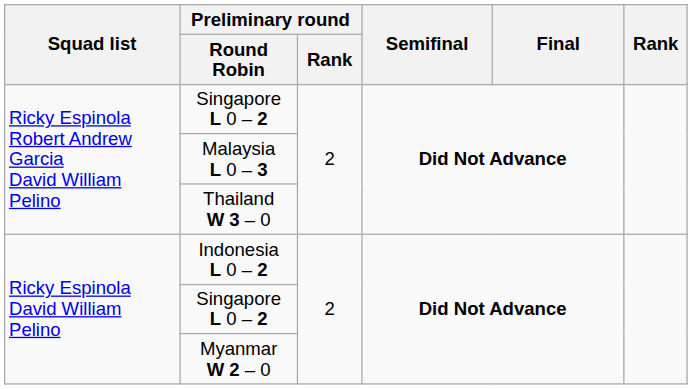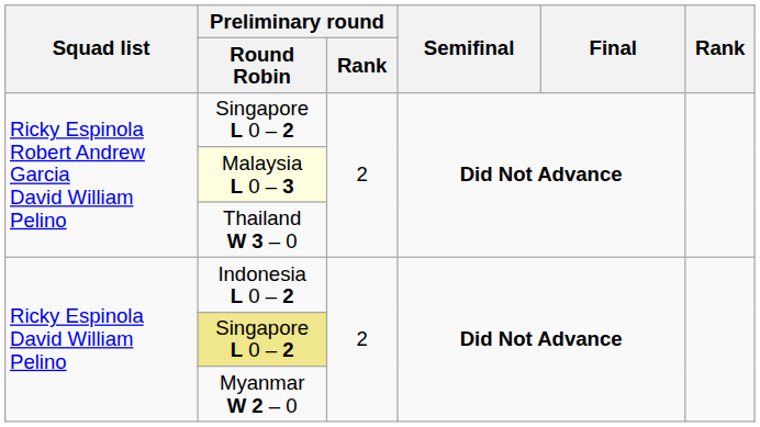 <table class="wikitable" width="85%" style="text-align:center; font-size:90%">
 <tr>
 <th rowspan="2" width="20%">Squad list</th>
 <th colspan="2" width="15%">Preliminary round</th>
 <th rowspan="2" width="15%">Semifinal</th>
 <th rowspan="2" width="15%">Final</th>
 <th rowspan="2" width="5%">Rank</th>
 </tr>
 <tr>
 <th width="13%">Round Robin</th>
 <th width="5%">Rank</th>
 </tr>
 <tr>
 <td rowspan=3 align=left><a href='#'>Ricky Espinola</a><br><a href='#'>Robert Andrew Garcia</a><br><a href='#'>David William Pelino</a></td>
 <td>Singapore<br> <strong>L</strong> 0 – <strong>2</strong></td>
 <td rowspan=3>2 <strong></strong></td>
 <td rowspan=3 colspan=2><strong>Did Not Advance</strong></td>
 <td rowspan=3></td>
 </tr>
 <tr>
-<td>Malaysia<br> <strong>L</strong> 0 – <strong>3</strong></td>
+<td style="background: lightyellow;">Malaysia<br> <strong>L</strong> 0 – <strong>3</strong></td>
 </tr>
 <tr>
 <td>Thailand<br> <strong>W</strong> <strong>3</strong> – 0</td>
 </tr>
 <tr>
 <td rowspan=3 align=left><a href='#'>Ricky Espinola</a><br><a href='#'>David William Pelino</a></td>
 <td>Indonesia<br> <strong>L</strong> 0 – <strong>2</strong></td>
 <td rowspan=3>2 <strong></strong></td>
 <td rowspan=3 colspan=2><strong>Did Not Advance</strong></td>
 <td rowspan=3></td>
 </tr>
 <tr>
-<td>Singapore<br> <strong>L</strong>  0 – <strong>2</strong></td>
+<td style="background: khaki;">Singapore<br> <strong>L</strong>  0 – <strong>2</strong></td>
 </tr>
 <tr>
 <td>Myanmar<br> <strong>W</strong> <strong>2</strong> – 0</td>
 </tr>
 </table>
